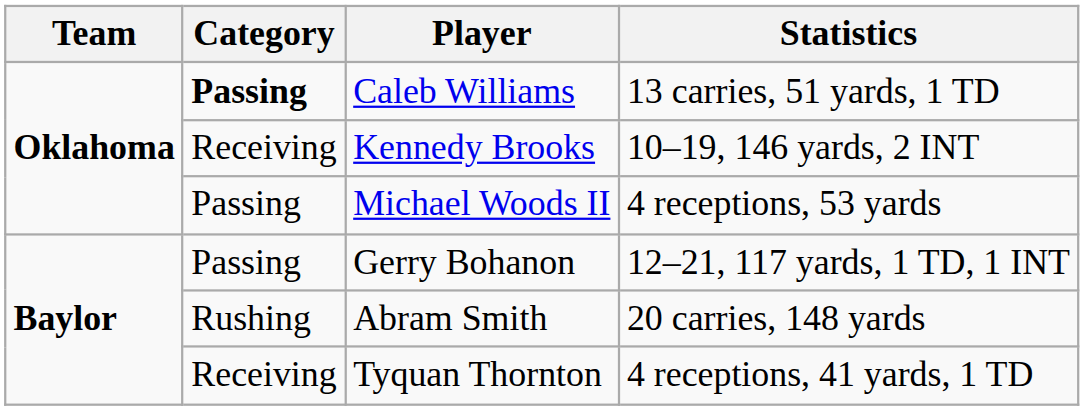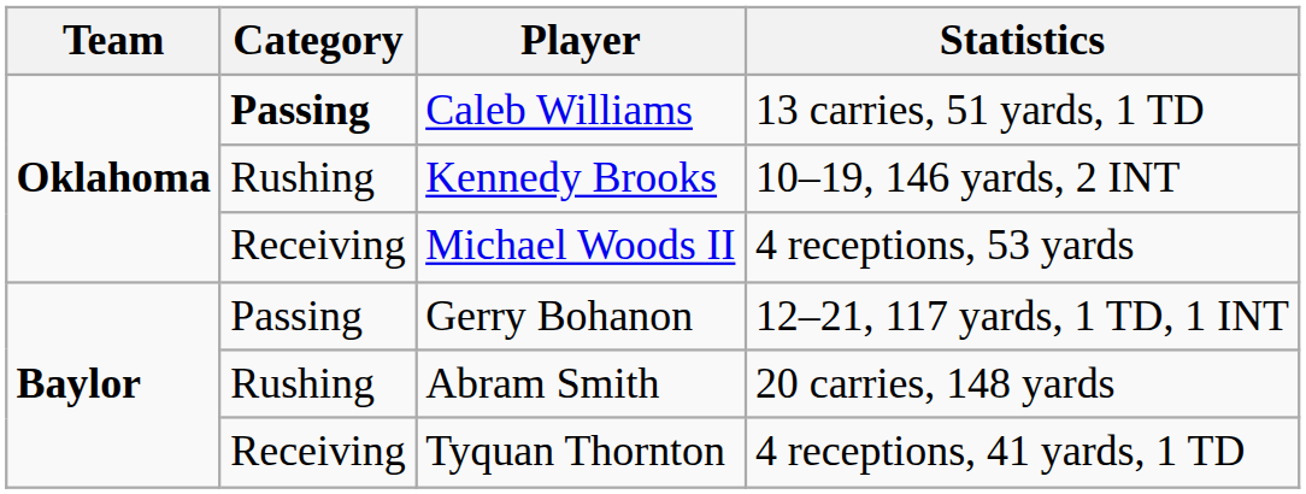 <table class="wikitable" style="float: right;">
 <tr>
 <th>Team</th>
 <th>Category</th>
 <th>Player</th>
 <th>Statistics</th>
 </tr>
 <tr>
 <td rowspan=3><strong>Oklahoma</strong></td>
 <td><strong>Passing</strong></td>
 <td><a href='#'>Caleb Williams</a></td>
 <td>13 carries, 51 yards, 1 TD</td>
 </tr>
 <tr>
-<td>Receiving</td>
+<td>Rushing</td>
 <td><a href='#'>Kennedy Brooks</a></td>
 <td>10–19, 146 yards, 2 INT</td>
 </tr>
 <tr>
-<td>Passing</td>
+<td>Receiving</td>
 <td><a href='#'>Michael Woods II</a></td>
 <td>4 receptions, 53 yards</td>
 </tr>
 <tr>
 <td rowspan=3><strong>Baylor</strong></td>
 <td>Passing</td>
 <td>Gerry Bohanon</td>
 <td>12–21, 117 yards, 1 TD, 1 INT</td>
 </tr>
 <tr>
 <td>Rushing</td>
 <td>Abram Smith</td>
 <td>20 carries, 148 yards</td>
 </tr>
 <tr>
 <td>Receiving</td>
 <td>Tyquan Thornton</td>
 <td>4 receptions, 41 yards, 1 TD</td>
 </tr>
 </table>
